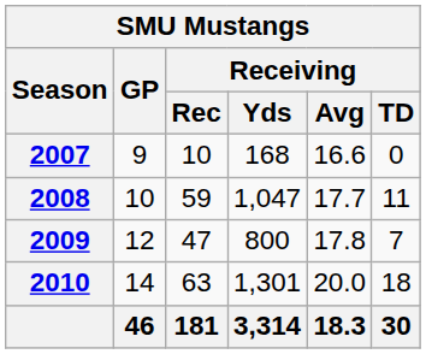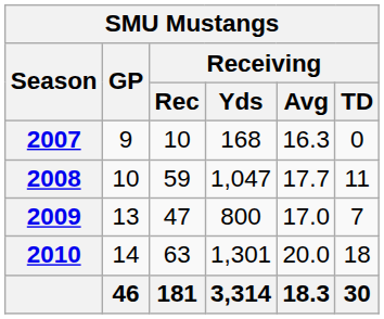 <table class="wikitable" style="text-align:center;">
 <tr>
 <th colspan="15">SMU Mustangs</th>
 </tr>
 <tr>
 <th rowspan="2">Season</th>
 <th rowspan="2">GP</th>
 <th colspan="4">Receiving</th>
 </tr>
 <tr>
 <th>Rec</th>
 <th>Yds</th>
 <th>Avg</th>
 <th>TD</th>
 </tr>
 <tr>
 <th><a href='#'>2007</a></th>
 <td>9</td>
 <td>10</td>
 <td>168</td>
-<td>16.6</td>
+<td>16.3</td>
 <td>0</td>
 </tr>
 <tr>
 <th><a href='#'>2008</a></th>
 <td>10</td>
 <td>59</td>
 <td>1,047</td>
 <td>17.7</td>
 <td>11</td>
 </tr>
 <tr>
 <th><a href='#'>2009</a></th>
-<td>12</td>
+<td>13</td>
 <td>47</td>
 <td>800</td>
-<td>17.8</td>
+<td>17.0</td>
 <td>7</td>
 </tr>
 <tr>
 <th><a href='#'>2010</a></th>
 <td>14</td>
 <td>63</td>
 <td>1,301</td>
 <td>20.0</td>
 <td>18</td>
 </tr>
 <tr>
 <th></th>
 <th>46</th>
 <th>181</th>
 <th>3,314</th>
 <th>18.3</th>
 <th>30</th>
 </tr>
 </table>
